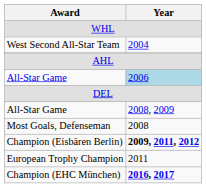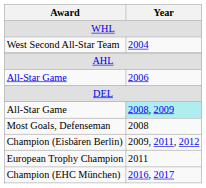 <table class="wikitable">
 <tr>
 <th>Award</th>
 <th>Year</th>
 </tr>
 <tr ALIGN="center" bgcolor="#e0e0e0">
 <td colspan="3"><a href='#'>WHL</a></td>
 </tr>
 <tr>
 <td>West Second All-Star Team</td>
 <td><a href='#'>2004</a></td>
 </tr>
 <tr>
 </tr>
 <tr ALIGN="center" bgcolor="#e0e0e0">
 <td colspan="3"><a href='#'>AHL</a></td>
 </tr>
 <tr>
 <td><a href='#'>All-Star Game</a></td>
-<td style="background: lightblue;"><a href='#'>2006</a></td>
+<td><a href='#'>2006</a></td>
 </tr>
 <tr ALIGN="center" bgcolor="#e0e0e0">
 <td colspan="3"><a href='#'>DEL</a></td>
 </tr>
 <tr>
 <td>All-Star Game</td>
-<td><a href='#'>2008</a>, <a href='#'>2009</a></td>
+<td style="background: paleturquoise;"><a href='#'>2008</a>, <a href='#'>2009</a></td>
 </tr>
 <tr>
 <td>Most Goals, Defenseman</td>
 <td>2008</td>
 </tr>
 <tr>
 <td>Champion (Eisbären Berlin)</td>
-<td><strong>2009, <a href='#'>2011</a>, <a href='#'>2012</a></strong></td>
+<td>2009, <a href='#'>2011</a>, <a href='#'>2012</a></td>
 </tr>
 <tr>
 <td>European Trophy Champion</td>
 <td>2011</td>
 </tr>
 <tr>
 <td>Champion (EHC München)</td>
-<td><strong><a href='#'>2016</a>, <a href='#'>2017</a></strong></td>
+<td><a href='#'>2016</a>, <a href='#'>2017</a></td>
 </tr>
 </table>
